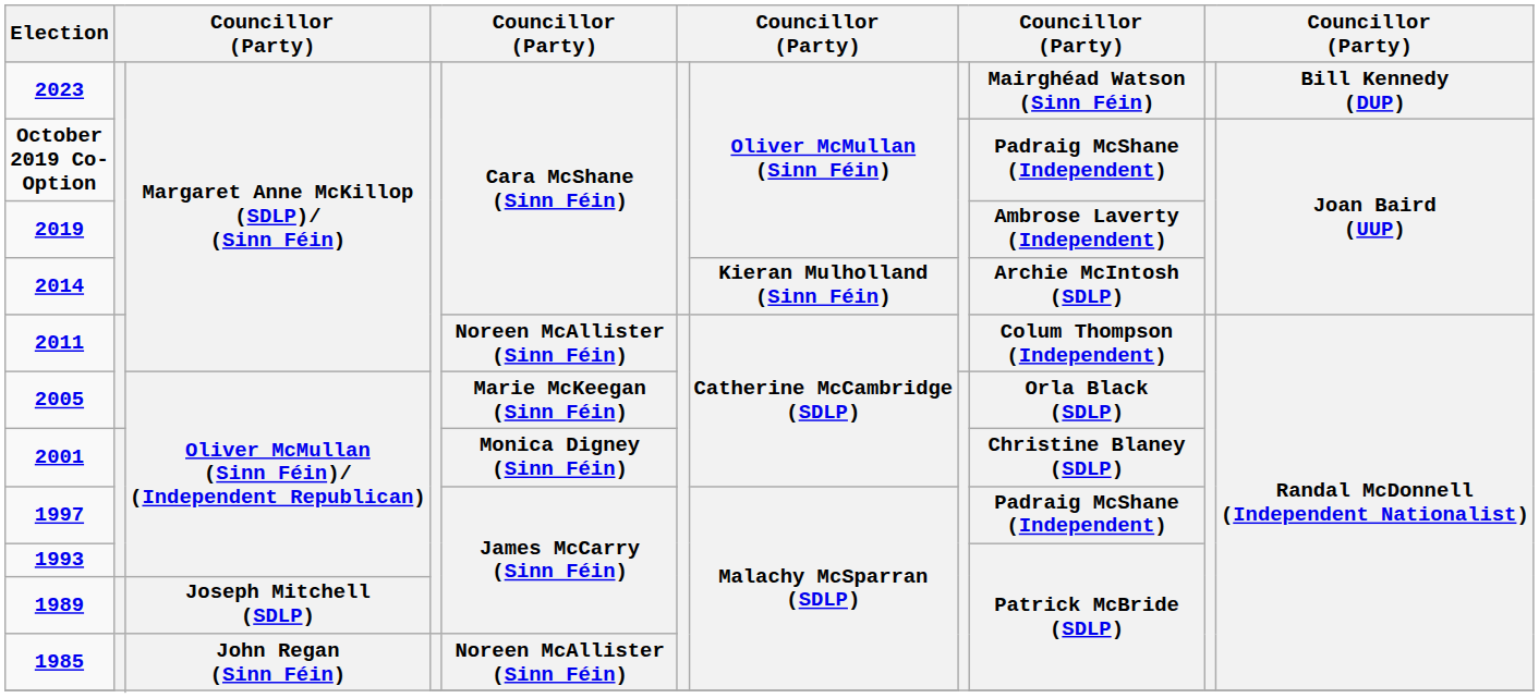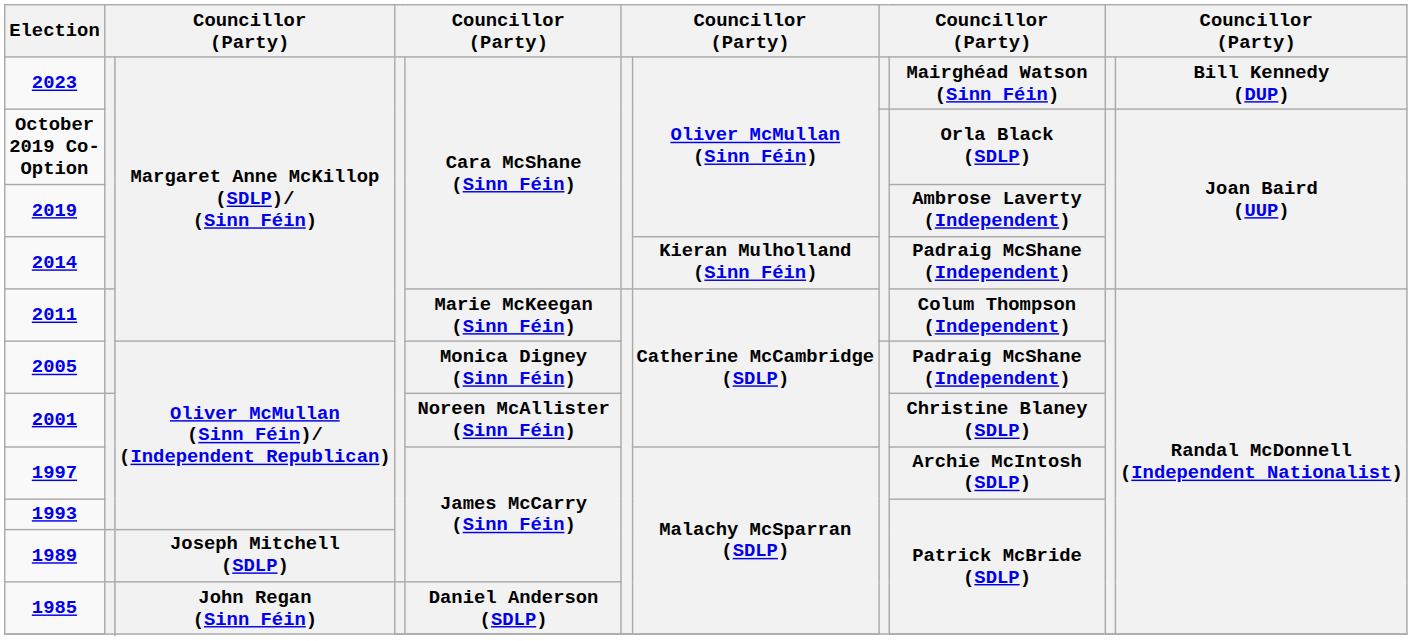 <table class="wikitable" style="text-align:center">
 <tr>
 <th scope="col" width="50">Election</th>
 <th scope="col" width="150" colspan = "2">Councillor<br> (Party)</th>
 <th scope="col" width="150" colspan = "2">Councillor<br> (Party)</th>
 <th scope="col" width="150" colspan = "2">Councillor<br> (Party)</th>
 <th scope="col" width="150" colspan = "2">Councillor<br> (Party)</th>
 <th scope="col" width="150" colspan = "2">Councillor<br> (Party)</th>
 </tr>
 <tr>
 <td><strong><a href='#'>2023</a></strong></td>
 <th rowspan="4" width="1" style="background-color: "></th>
 <th rowspan = "5">Margaret Anne McKillop <br> (<a href='#'>SDLP</a>)/ <br> (<a href='#'>Sinn Féin</a>)</th>
 <th rowspan="10" width="1" style="background-color: "></th>
 <th rowspan = "4">Cara McShane <br> (<a href='#'>Sinn Féin</a>)</th>
 <th rowspan="4" width="1" style="background-color: "></th>
 <th rowspan = "3"><a href='#'>Oliver McMullan</a> <br> (<a href='#'>Sinn Féin</a>)</th>
 <th rowspan="1" width="1" style="background-color: "></th>
 <th rowspan = "1">Mairghéad Watson <br> (<a href='#'>Sinn Féin</a>)</th>
 <th rowspan="1" width="1" style="background-color: "></th>
 <th rowspan = "1">Bill Kennedy <br> (<a href='#'>DUP</a>)</th>
 </tr>
 <tr>
 <td><strong>October 2019 Co-Option</strong></td>
 <th rowspan="4" width="1" style="background-color: "></th>
-<th rowspan = "1">Padraig McShane <br> (<a href='#'>Independent</a>)</th>
+<th rowspan = "1">Orla Black <br> (<a href='#'>SDLP</a>)</th>
 <th rowspan="3" width="1" style="background-color: "></th>
 <th rowspan = "3">Joan Baird <br> (<a href='#'>UUP</a>)</th>
 </tr>
 <tr>
 <td><strong><a href='#'>2019</a></strong></td>
 <th rowspan = "1">Ambrose Laverty <br> (<a href='#'>Independent</a>)</th>
 </tr>
 <tr>
 <td><strong><a href='#'>2014</a></strong></td>
 <th rowspan = "1">Kieran Mulholland <br> (<a href='#'>Sinn Féin</a>)</th>
-<th rowspan = "1">Archie McIntosh <br> (<a href='#'>SDLP</a>)</th>
+<th rowspan = "1">Padraig McShane <br> (<a href='#'>Independent</a>)</th>
 </tr>
 <tr>
 <td><strong><a href='#'>2011</a></strong></td>
 <th rowspan="2" width="1" style="background-color: "></th>
-<th rowspan = "1">Noreen McAllister <br> (<a href='#'>Sinn Féin</a>)</th>
+<th rowspan = "1">Marie McKeegan <br> (<a href='#'>Sinn Féin</a>)</th>
 <th rowspan="7" width="1" style="background-color: "></th>
 <th rowspan = "3">Catherine McCambridge <br> (<a href='#'>SDLP</a>)</th>
 <th rowspan = "1">Colum Thompson <br> (<a href='#'>Independent</a>)</th>
 <th rowspan="7" width="1" style="background-color: "></th>
 <th rowspan = "7">Randal McDonnell <br> (<a href='#'>Independent Nationalist</a>)</th>
 </tr>
 <tr>
 <td><strong><a href='#'>2005</a></strong></td>
 <th rowspan = "4"><a href='#'>Oliver McMullan</a> <br> (<a href='#'>Sinn Féin</a>)/ <br> (<a href='#'>Independent Republican</a>)</th>
-<th rowspan = "1">Marie McKeegan <br> (<a href='#'>Sinn Féin</a>)</th>
+<th rowspan = "1">Monica Digney <br> (<a href='#'>Sinn Féin</a>)</th>
 <th rowspan="7" width="1" style="background-color: "></th>
-<th rowspan = "1">Orla Black <br> (<a href='#'>SDLP</a>)</th>
+<th rowspan = "1">Padraig McShane <br> (<a href='#'>Independent</a>)</th>
 </tr>
 <tr>
 <td><strong><a href='#'>2001</a></strong></td>
 <th rowspan="3" width="1" style="background-color: "></th>
-<th rowspan = "1">Monica Digney <br> (<a href='#'>Sinn Féin</a>)</th>
+<th rowspan = "1">Noreen McAllister <br> (<a href='#'>Sinn Féin</a>)</th>
 <th rowspan = "1">Christine Blaney <br> (<a href='#'>SDLP</a>)</th>
 </tr>
 <tr>
 <td><strong><a href='#'>1997</a></strong></td>
 <th rowspan = "3">James McCarry <br> (<a href='#'>Sinn Féin</a>)</th>
 <th rowspan = "4">Malachy McSparran <br> (<a href='#'>SDLP</a>)</th>
-<th rowspan = "1">Padraig McShane <br> (<a href='#'>Independent</a>)</th>
+<th rowspan = "1">Archie McIntosh <br> (<a href='#'>SDLP</a>)</th>
 </tr>
 <tr>
 <td><strong><a href='#'>1993</a></strong></td>
 <th rowspan = "3">Patrick McBride <br> (<a href='#'>SDLP</a>)</th>
 </tr>
 <tr>
 <td><strong><a href='#'>1989</a></strong></td>
 <th rowspan="1" width="1" style="background-color: "></th>
 <th rowspan = "1">Joseph Mitchell <br> (<a href='#'>SDLP</a>)</th>
 </tr>
 <tr>
 <td><strong><a href='#'>1985</a></strong></td>
 <th rowspan="3" width="1" style="background-color: "></th>
 <th rowspan = "3">John Regan <br> (<a href='#'>Sinn Féin</a>)</th>
 <th rowspan="1" width="1" style="background-color: "></th>
-<th rowspan = "1">Noreen McAllister <br> (<a href='#'>Sinn Féin</a>)</th>
+<th rowspan = "1">Daniel Anderson <br> (<a href='#'>SDLP</a>)</th>
 </tr>
 <tr>
 </tr>
 </table>
